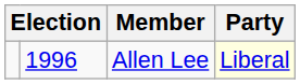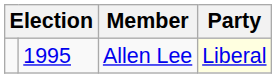 <table class="wikitable">
 <tr>
 <th colspan="2">Election</th>
 <th>Member</th>
 <th>Party</th>
 </tr>
 <tr>
 <td style="background-color: "></td>
-<td><a href='#'>1996</a></td>
+<td><a href='#'>1995</a></td>
 <td><a href='#'>Allen Lee</a></td>
 <td style="background: lightyellow;"><a href='#'>Liberal</a></td>
 </tr>
 </table>
